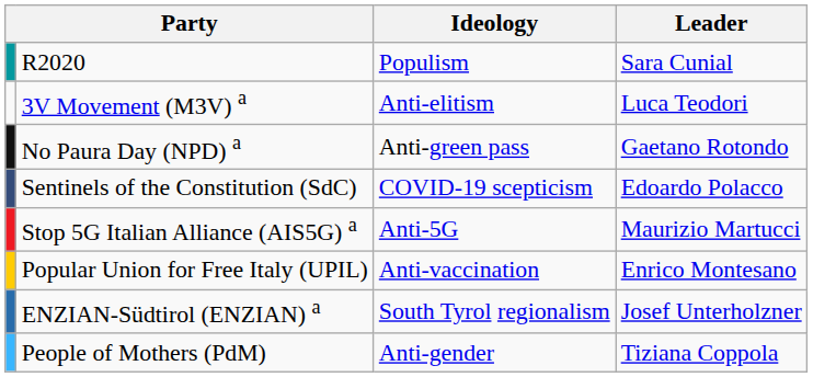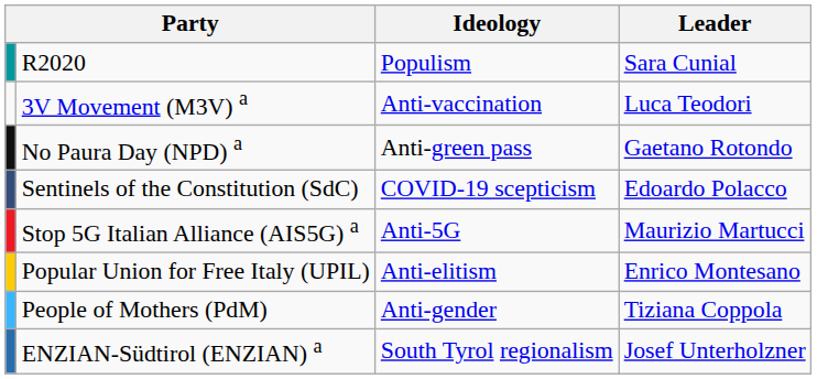 <table class=wikitable  style=text-align:left>
 <tr>
 <th colspan=2>Party</th>
 <th>Ideology</th>
 <th>Leader</th>
 </tr>
 <tr>
 <td bgcolor="#03989E"></td>
 <td>R2020</td>
 <td><a href='#'>Populism</a></td>
 <td><a href='#'>Sara Cunial</a></td>
 </tr>
 <tr>
 <td></td>
 <td><a href='#'>3V Movement</a> (M3V) <sup>a</sup></td>
-<td><a href='#'>Anti-elitism</a></td>
+<td><a href='#'>Anti-vaccination</a></td>
 <td><a href='#'>Luca Teodori</a></td>
 </tr>
 <tr>
 <td bgcolor="#101010"></td>
 <td>No Paura Day (NPD) <sup>a</sup></td>
 <td>Anti-<a href='#'>green pass</a></td>
 <td><a href='#'>Gaetano Rotondo</a></td>
 </tr>
 <tr>
 <td bgcolor="#344C7A"></td>
 <td>Sentinels of the Constitution (SdC)</td>
 <td><a href='#'>COVID-19 scepticism</a></td>
 <td><a href='#'>Edoardo Polacco</a></td>
 </tr>
 <tr>
 <td bgcolor="#EF1923"></td>
 <td>Stop 5G Italian Alliance (AIS5G) <sup>a</sup></td>
 <td><a href='#'>Anti-5G</a></td>
 <td><a href='#'>Maurizio Martucci</a></td>
 </tr>
 <tr>
 <td bgcolor="#FFCC03"></td>
 <td>Popular Union for Free Italy (UPIL)</td>
-<td><a href='#'>Anti-vaccination</a></td>
+<td><a href='#'>Anti-elitism</a></td>
 <td><a href='#'>Enrico Montesano</a></td>
+</tr>
+<tr>
+<td bgcolor="#38b6ff"></td>
+<td>People of Mothers (PdM)</td>
+<td><a href='#'>Anti-gender</a></td>
+<td><a href='#'>Tiziana Coppola</a></td>
 </tr>
 <tr>
 <td bgcolor="#286CAB"></td>
 <td>ENZIAN-Südtirol (ENZIAN) <sup>a</sup></td>
 <td><a href='#'>South Tyrol</a> <a href='#'>regionalism</a></td>
 <td><a href='#'>Josef Unterholzner</a></td>
 </tr>
-<tr>
-<td bgcolor="#38b6ff"></td>
-<td>People of Mothers (PdM)</td>
-<td><a href='#'>Anti-gender</a></td>
-<td><a href='#'>Tiziana Coppola</a></td>
-</tr>
 </table>
